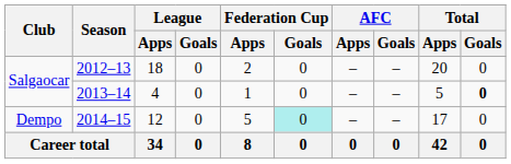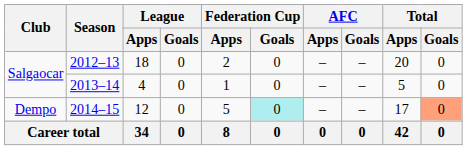 <table class="wikitable" style="font-size:90%; text-align:center;">
 <tr>
 <th rowspan="2">Club</th>
 <th rowspan="2">Season</th>
 <th colspan="2">League</th>
 <th colspan="2">Federation Cup</th>
 <th colspan="2"><a href='#'>AFC</a></th>
 <th colspan="2">Total</th>
 </tr>
 <tr>
 <th>Apps</th>
 <th>Goals</th>
 <th>Apps</th>
 <th>Goals</th>
 <th>Apps</th>
 <th>Goals</th>
 <th>Apps</th>
 <th>Goals</th>
 </tr>
 <tr>
 <td rowspan="2"><a href='#'>Salgaocar</a></td>
 <td><a href='#'>2012–13</a></td>
 <td>18</td>
 <td>0</td>
 <td>2</td>
 <td>0</td>
 <td>–</td>
 <td>–</td>
 <td>20</td>
 <td>0</td>
 </tr>
 <tr>
 <td><a href='#'>2013–14</a></td>
 <td>4</td>
 <td>0</td>
 <td>1</td>
 <td>0</td>
 <td>–</td>
 <td>–</td>
 <td>5</td>
-<td><strong>0</strong></td>
+<td>0</td>
 </tr>
 <tr>
 <td rowspan="1"><a href='#'>Dempo</a></td>
 <td><a href='#'>2014–15</a></td>
 <td>12</td>
 <td>0</td>
 <td>5</td>
 <td style="background: paleturquoise;">0</td>
 <td>–</td>
 <td>–</td>
 <td>17</td>
-<td>0</td>
+<td style="background: lightsalmon;">0</td>
 </tr>
 <tr>
 <th colspan="2">Career total</th>
 <th>34</th>
 <th>0</th>
 <th>8</th>
 <th>0</th>
 <th>0</th>
 <th>0</th>
 <th>42</th>
 <th>0</th>
 </tr>
 </table>
